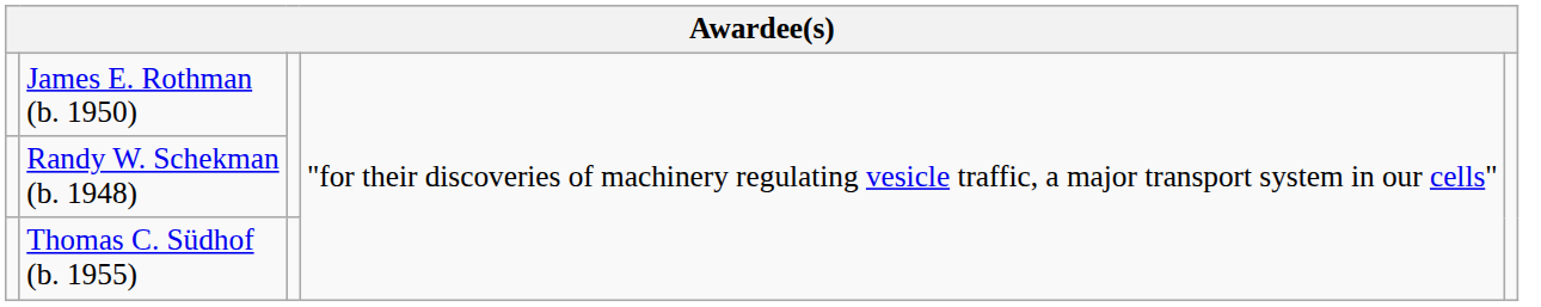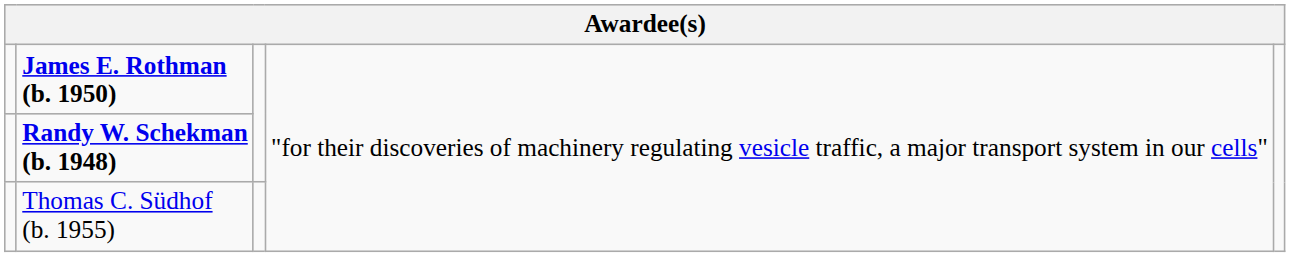 <table class="wikitable">
 <tr>
 <th colspan="5">Awardee(s)</th>
 </tr>
 <tr>
 <td></td>
-<td><a href='#'>James E. Rothman</a><br>(b. 1950)</td>
+<td><strong><a href='#'>James E. Rothman</a><br>(b. 1950)</strong></td>
 <td rowspan="2"></td>
 <td rowspan="3">"for their discoveries of machinery regulating <a href='#'>vesicle</a> traffic, a major transport system in our <a href='#'>cells</a>"</td>
 <td rowspan="3"></td>
 </tr>
 <tr>
 <td></td>
-<td><a href='#'>Randy W. Schekman</a><br>(b. 1948)</td>
+<td><strong><a href='#'>Randy W. Schekman</a><br>(b. 1948)</strong></td>
 </tr>
 <tr>
 <td></td>
 <td><a href='#'>Thomas C. Südhof</a><br>(b. 1955)</td>
 <td><br></td>
 </tr>
 </table>
